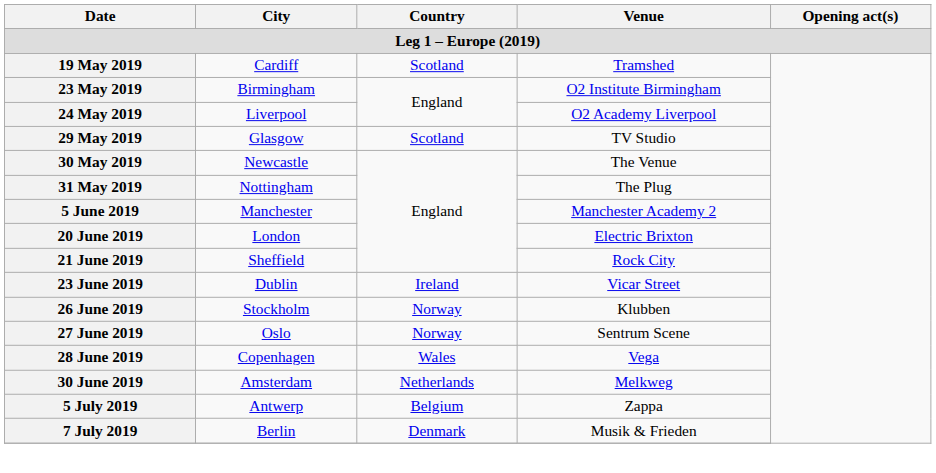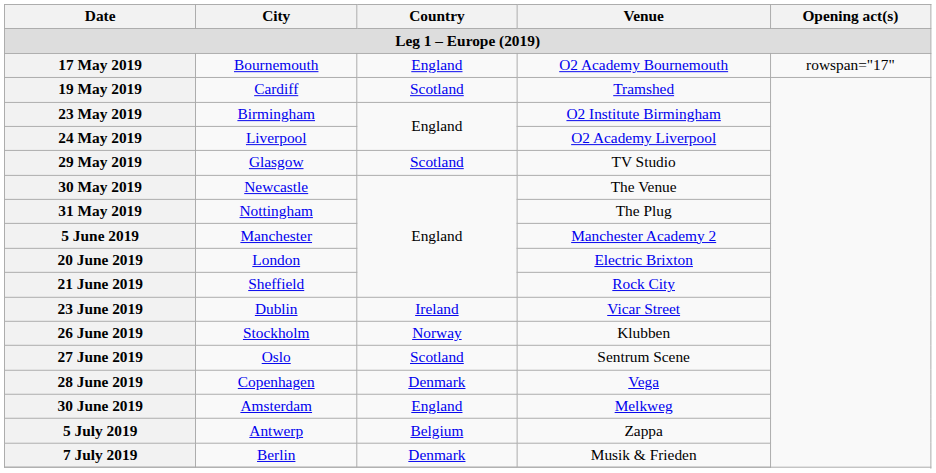 <table class="wikitable plainrowheaders" style="text-align:center;">
 <tr>
 <th scope="col" style="width:12em;">Date</th>
 <th scope="col" style="width:10em;">City</th>
 <th scope="col" style="width:10em;">Country</th>
 <th scope="col" style="width:16em;">Venue</th>
 <th scope="col" style="width:10em;">Opening act(s)</th>
 </tr>
 <tr>
 <th style="background:#dddddd;" colspan="5">Leg 1 – Europe (2019)</th>
+</tr>
+<tr>
+<th scope="row" style="text-align:center;">17 May 2019</th>
+<td><a href='#'>Bournemouth</a></td>
+<td><a href='#'>England</a></td>
+<td><a href='#'>O2 Academy Bournemouth</a></td>
+<td>rowspan="17" </td>
 </tr>
 <tr>
 <th scope="row" style="text-align:center;">19 May 2019</th>
 <td><a href='#'>Cardiff</a></td>
 <td><a href='#'>Scotland</a></td>
 <td><a href='#'>Tramshed</a></td>
 </tr>
 <tr>
 <th scope="row" style="text-align:center;">23 May 2019</th>
 <td><a href='#'>Birmingham</a></td>
 <td rowspan="2">England</td>
 <td><a href='#'>O2 Institute Birmingham</a></td>
 </tr>
 <tr>
 <th scope="row" style="text-align:center;">24 May 2019</th>
 <td><a href='#'>Liverpool</a></td>
 <td><a href='#'>O2 Academy Liverpool</a></td>
 </tr>
 <tr>
 <th scope="row" style="text-align:center;">29 May 2019</th>
 <td><a href='#'>Glasgow</a></td>
 <td><a href='#'>Scotland</a></td>
 <td>TV Studio</td>
 </tr>
 <tr>
 <th scope="row" style="text-align:center;">30 May 2019</th>
 <td><a href='#'>Newcastle</a></td>
 <td rowspan="5">England</td>
 <td>The Venue</td>
 </tr>
 <tr>
 <th scope="row" style="text-align:center;">31 May 2019</th>
 <td><a href='#'>Nottingham</a></td>
 <td>The Plug</td>
 </tr>
 <tr>
 <th scope="row" style="text-align:center;">5 June 2019</th>
 <td><a href='#'>Manchester</a></td>
 <td><a href='#'>Manchester Academy 2</a></td>
 </tr>
 <tr>
 <th scope="row" style="text-align:center;">20 June 2019</th>
 <td><a href='#'>London</a></td>
 <td><a href='#'>Electric Brixton</a></td>
 </tr>
 <tr>
 <th scope="row" style="text-align:center;">21 June 2019</th>
 <td><a href='#'>Sheffield</a></td>
 <td><a href='#'>Rock City</a></td>
 </tr>
 <tr>
 <th scope="row" style="text-align:center;">23 June 2019</th>
 <td><a href='#'>Dublin</a></td>
 <td><a href='#'>Ireland</a></td>
 <td><a href='#'>Vicar Street</a></td>
 </tr>
 <tr>
 <th scope="row" style="text-align:center;">26 June 2019</th>
 <td><a href='#'>Stockholm</a></td>
 <td><a href='#'>Norway</a></td>
 <td>Klubben</td>
 </tr>
 <tr>
 <th scope="row" style="text-align:center;">27 June 2019</th>
 <td><a href='#'>Oslo</a></td>
-<td><a href='#'>Norway</a></td>
+<td><a href='#'>Scotland</a></td>
 <td>Sentrum Scene</td>
 </tr>
 <tr>
 <th scope="row" style="text-align:center;">28 June 2019</th>
 <td><a href='#'>Copenhagen</a></td>
-<td><a href='#'>Wales</a></td>
+<td><a href='#'>Denmark</a></td>
 <td><a href='#'>Vega</a></td>
 </tr>
 <tr>
 <th scope="row" style="text-align:center;">30 June 2019</th>
 <td><a href='#'>Amsterdam</a></td>
-<td><a href='#'>Netherlands</a></td>
+<td><a href='#'>England</a></td>
 <td><a href='#'>Melkweg</a></td>
 </tr>
 <tr>
 <th scope="row" style="text-align:center;">5 July 2019</th>
 <td><a href='#'>Antwerp</a></td>
 <td><a href='#'>Belgium</a></td>
 <td>Zappa</td>
 </tr>
 <tr>
 <th scope="row" style="text-align:center;">7 July 2019</th>
 <td><a href='#'>Berlin</a></td>
 <td><a href='#'>Denmark</a></td>
 <td>Musik & Frieden</td>
 </tr>
 <tr>
 </tr>
 </table>
